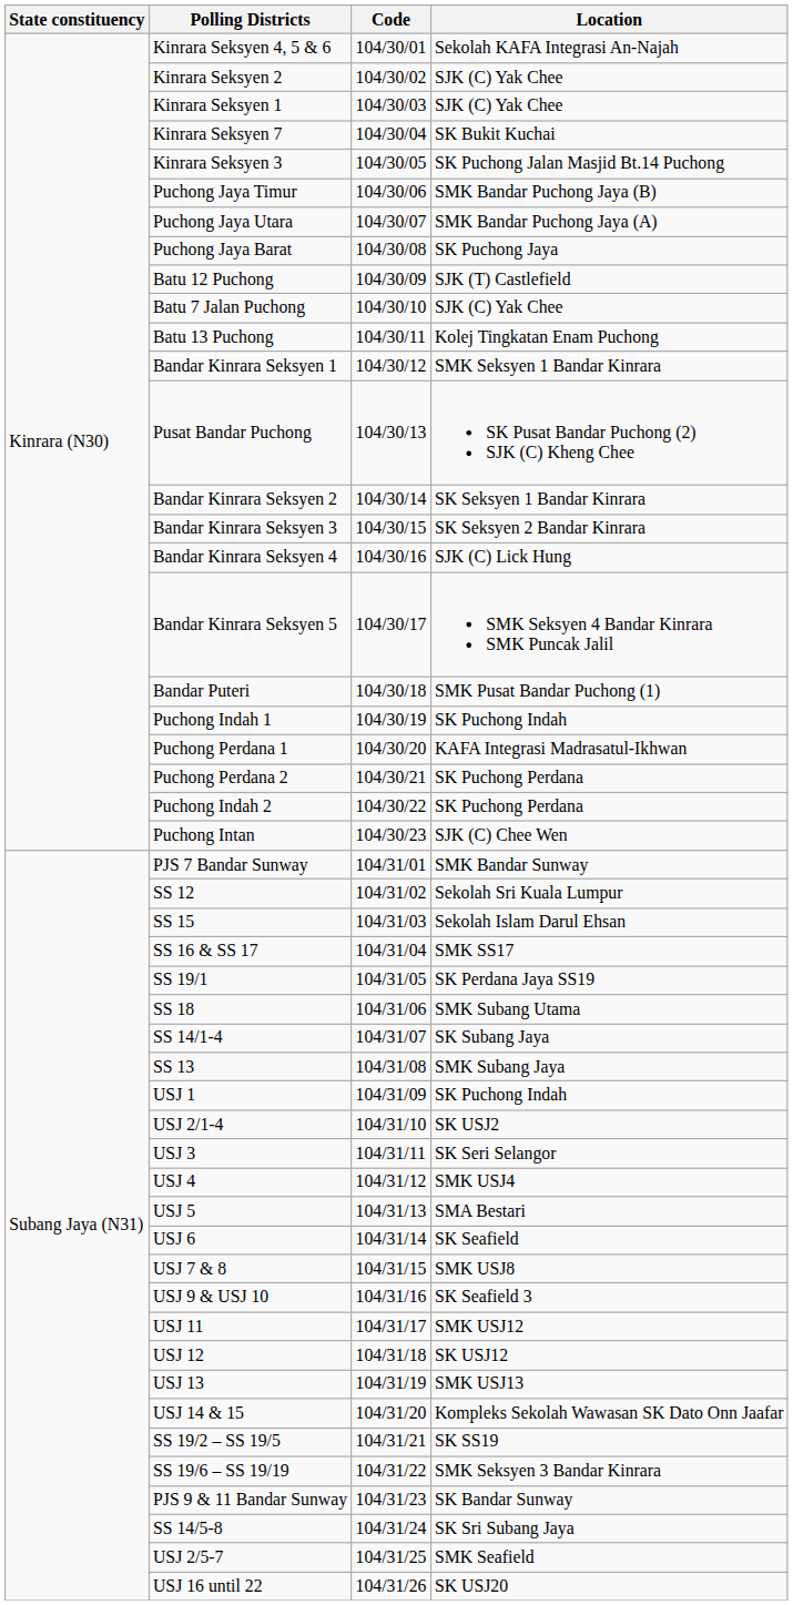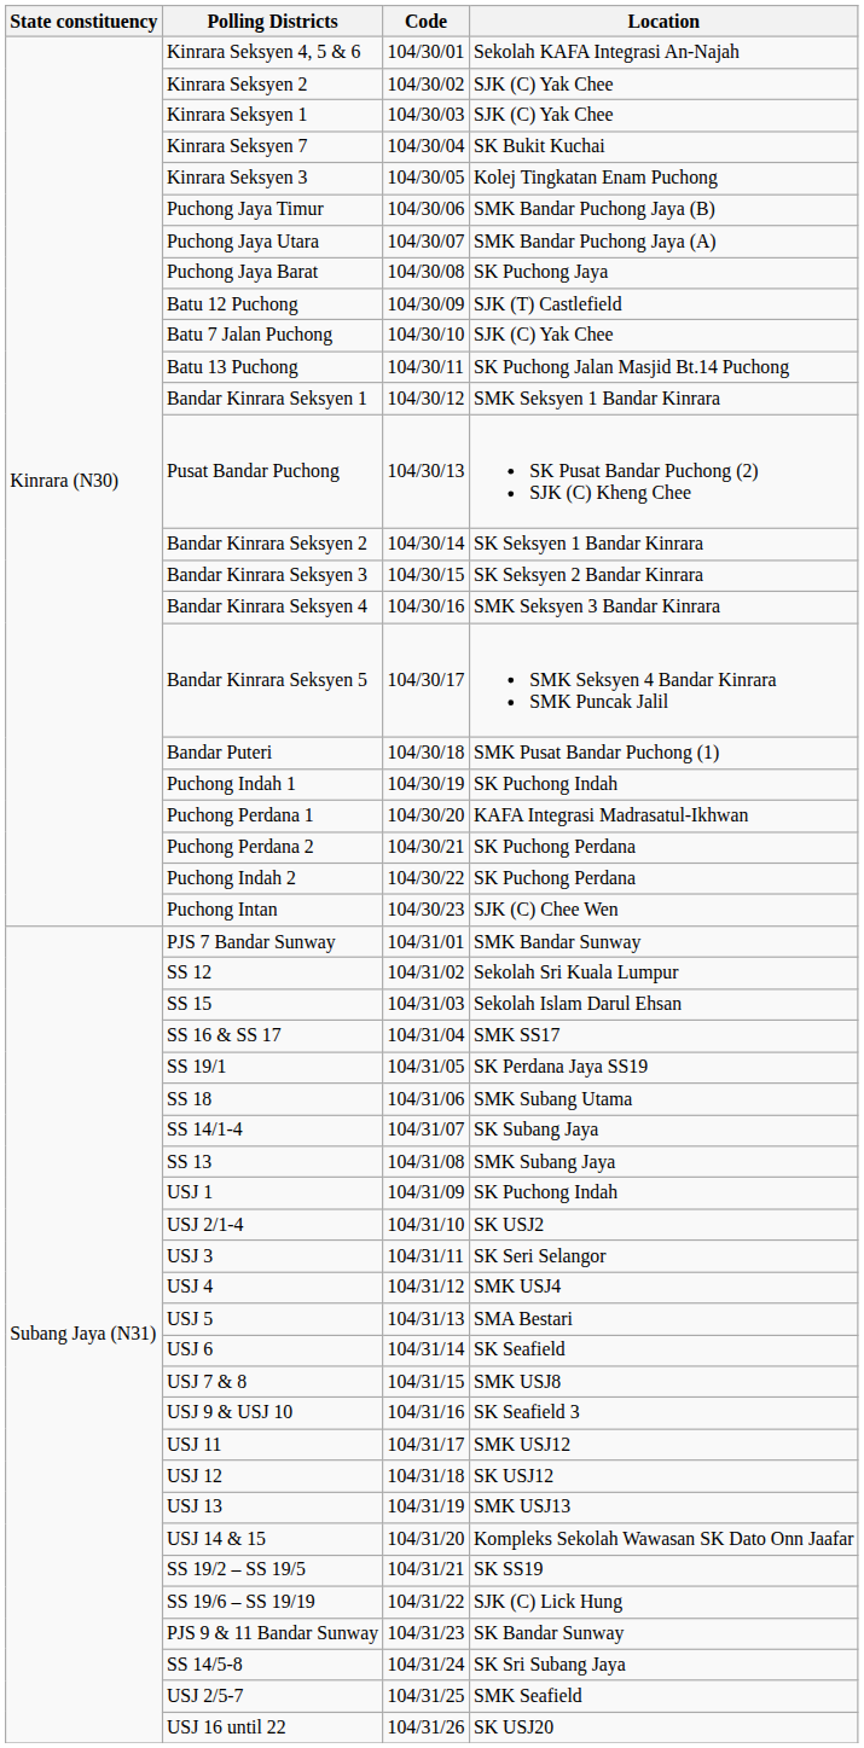 <table class="wikitable sortable mw-collapsible" style="white-space:nowrap;font-size:85%">
 <tr>
 <th>State constituency</th>
 <th>Polling Districts</th>
 <th>Code</th>
 <th>Location</th>
 </tr>
 <tr>
 <td rowspan="23">Kinrara (N30)</td>
 <td>Kinrara Seksyen 4, 5 & 6</td>
 <td>104/30/01</td>
 <td>Sekolah KAFA Integrasi An-Najah</td>
 </tr>
 <tr>
 <td>Kinrara Seksyen 2</td>
 <td>104/30/02</td>
 <td>SJK (C) Yak Chee</td>
 </tr>
 <tr>
 <td>Kinrara Seksyen 1</td>
 <td>104/30/03</td>
 <td>SJK (C) Yak Chee</td>
 </tr>
 <tr>
 <td>Kinrara Seksyen 7</td>
 <td>104/30/04</td>
 <td>SK Bukit Kuchai</td>
 </tr>
 <tr>
 <td>Kinrara Seksyen 3</td>
 <td>104/30/05</td>
-<td>SK Puchong Jalan Masjid Bt.14 Puchong</td>
+<td>Kolej Tingkatan Enam Puchong</td>
 </tr>
 <tr>
 <td>Puchong Jaya Timur</td>
 <td>104/30/06</td>
 <td>SMK Bandar Puchong Jaya (B)</td>
 </tr>
 <tr>
 <td>Puchong Jaya Utara</td>
 <td>104/30/07</td>
 <td>SMK Bandar Puchong Jaya (A)</td>
 </tr>
 <tr>
 <td>Puchong Jaya Barat</td>
 <td>104/30/08</td>
 <td>SK Puchong Jaya</td>
 </tr>
 <tr>
 <td>Batu 12 Puchong</td>
 <td>104/30/09</td>
 <td>SJK (T) Castlefield</td>
 </tr>
 <tr>
 <td>Batu 7 Jalan Puchong</td>
 <td>104/30/10</td>
 <td>SJK (C) Yak Chee</td>
 </tr>
 <tr>
 <td>Batu 13 Puchong</td>
 <td>104/30/11</td>
-<td>Kolej Tingkatan Enam Puchong</td>
+<td>SK Puchong Jalan Masjid Bt.14 Puchong</td>
 </tr>
 <tr>
 <td>Bandar Kinrara Seksyen 1</td>
 <td>104/30/12</td>
 <td>SMK Seksyen 1 Bandar Kinrara</td>
 </tr>
 <tr>
 <td>Pusat Bandar Puchong</td>
 <td>104/30/13</td>
 <td><br><ul><li>SK Pusat Bandar Puchong (2)</li><li>SJK (C) Kheng Chee</li></ul></td>
 </tr>
 <tr>
 <td>Bandar Kinrara Seksyen 2</td>
 <td>104/30/14</td>
 <td>SK Seksyen 1 Bandar Kinrara</td>
 </tr>
 <tr>
 <td>Bandar Kinrara Seksyen 3</td>
 <td>104/30/15</td>
 <td>SK Seksyen 2 Bandar Kinrara</td>
 </tr>
 <tr>
 <td>Bandar Kinrara Seksyen 4</td>
 <td>104/30/16</td>
-<td>SJK (C) Lick Hung</td>
+<td>SMK Seksyen 3 Bandar Kinrara</td>
 </tr>
 <tr>
 <td>Bandar Kinrara Seksyen 5</td>
 <td>104/30/17</td>
 <td><br><ul><li>SMK Seksyen 4 Bandar Kinrara</li><li>SMK Puncak Jalil</li></ul></td>
 </tr>
 <tr>
 <td>Bandar Puteri</td>
 <td>104/30/18</td>
 <td>SMK Pusat Bandar Puchong (1)</td>
 </tr>
 <tr>
 <td>Puchong Indah 1</td>
 <td>104/30/19</td>
 <td>SK Puchong Indah</td>
 </tr>
 <tr>
 <td>Puchong Perdana 1</td>
 <td>104/30/20</td>
 <td>KAFA Integrasi Madrasatul-Ikhwan</td>
 </tr>
 <tr>
 <td>Puchong Perdana 2</td>
 <td>104/30/21</td>
 <td>SK Puchong Perdana</td>
 </tr>
 <tr>
 <td>Puchong Indah 2</td>
 <td>104/30/22</td>
 <td>SK Puchong Perdana</td>
 </tr>
 <tr>
 <td>Puchong Intan</td>
 <td>104/30/23</td>
 <td>SJK (C) Chee Wen</td>
 </tr>
 <tr>
 <td rowspan="26">Subang Jaya (N31)</td>
 <td>PJS 7 Bandar Sunway</td>
 <td>104/31/01</td>
 <td>SMK Bandar Sunway</td>
 </tr>
 <tr>
 <td>SS 12</td>
 <td>104/31/02</td>
 <td>Sekolah Sri Kuala Lumpur</td>
 </tr>
 <tr>
 <td>SS 15</td>
 <td>104/31/03</td>
 <td>Sekolah Islam Darul Ehsan</td>
 </tr>
 <tr>
 <td>SS 16 & SS 17</td>
 <td>104/31/04</td>
 <td>SMK SS17</td>
 </tr>
 <tr>
 <td>SS 19/1</td>
 <td>104/31/05</td>
 <td>SK Perdana Jaya SS19</td>
 </tr>
 <tr>
 <td>SS 18</td>
 <td>104/31/06</td>
 <td>SMK Subang Utama</td>
 </tr>
 <tr>
 <td>SS 14/1-4</td>
 <td>104/31/07</td>
 <td>SK Subang Jaya</td>
 </tr>
 <tr>
 <td>SS 13</td>
 <td>104/31/08</td>
 <td>SMK Subang Jaya</td>
 </tr>
 <tr>
 <td>USJ 1</td>
 <td>104/31/09</td>
 <td>SK Puchong Indah</td>
 </tr>
 <tr>
 <td>USJ 2/1-4</td>
 <td>104/31/10</td>
 <td>SK USJ2</td>
 </tr>
 <tr>
 <td>USJ 3</td>
 <td>104/31/11</td>
 <td>SK Seri Selangor</td>
 </tr>
 <tr>
 <td>USJ 4</td>
 <td>104/31/12</td>
 <td>SMK USJ4</td>
 </tr>
 <tr>
 <td>USJ 5</td>
 <td>104/31/13</td>
 <td>SMA Bestari</td>
 </tr>
 <tr>
 <td>USJ 6</td>
 <td>104/31/14</td>
 <td>SK Seafield</td>
 </tr>
 <tr>
 <td>USJ 7 & 8</td>
 <td>104/31/15</td>
 <td>SMK USJ8</td>
 </tr>
 <tr>
 <td>USJ 9 & USJ 10</td>
 <td>104/31/16</td>
 <td>SK Seafield 3</td>
 </tr>
 <tr>
 <td>USJ 11</td>
 <td>104/31/17</td>
 <td>SMK USJ12</td>
 </tr>
 <tr>
 <td>USJ 12</td>
 <td>104/31/18</td>
 <td>SK USJ12</td>
 </tr>
 <tr>
 <td>USJ 13</td>
 <td>104/31/19</td>
 <td>SMK USJ13</td>
 </tr>
 <tr>
 <td>USJ 14 & 15</td>
 <td>104/31/20</td>
 <td>Kompleks Sekolah Wawasan SK Dato Onn Jaafar</td>
 </tr>
 <tr>
 <td>SS 19/2 – SS 19/5</td>
 <td>104/31/21</td>
 <td>SK SS19</td>
 </tr>
 <tr>
 <td>SS 19/6 – SS 19/19</td>
 <td>104/31/22</td>
-<td>SMK Seksyen 3 Bandar Kinrara</td>
+<td>SJK (C) Lick Hung</td>
 </tr>
 <tr>
 <td>PJS 9 & 11 Bandar Sunway</td>
 <td>104/31/23</td>
 <td>SK Bandar Sunway</td>
 </tr>
 <tr>
 <td>SS 14/5-8</td>
 <td>104/31/24</td>
 <td>SK Sri Subang Jaya</td>
 </tr>
 <tr>
 <td>USJ 2/5-7</td>
 <td>104/31/25</td>
 <td>SMK Seafield</td>
 </tr>
 <tr>
 <td>USJ 16 until 22</td>
 <td>104/31/26</td>
 <td>SK USJ20</td>
 </tr>
 </table>
